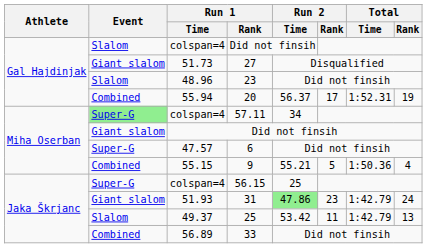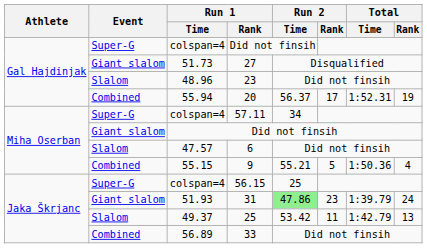 <table class="wikitable" style="font-size:90%">
 <tr>
 <th rowspan=2>Athlete</th>
 <th rowspan=2>Event</th>
 <th colspan=2>Run 1</th>
 <th colspan=2>Run 2</th>
 <th colspan=2>Total</th>
 </tr>
 <tr style="font-size:95%">
 <th>Time</th>
 <th>Rank</th>
 <th>Time</th>
 <th>Rank</th>
 <th>Time</th>
 <th>Rank</th>
 </tr>
 <tr align=center>
 <td align="left" rowspan="4"><a href='#'>Gal Hajdinjak</a></td>
-<td align="left"><a href='#'>Slalom</a></td>
+<td align="left"><a href='#'>Super-G</a></td>
 <td>colspan=4</td>
 <td colspan=2>Did not finsih</td>
 </tr>
 <tr align=center>
 <td align="left"><a href='#'>Giant slalom</a></td>
 <td>51.73</td>
 <td>27</td>
 <td colspan=4>Disqualified</td>
 </tr>
 <tr align=center>
 <td align="left"><a href='#'>Slalom</a></td>
 <td>48.96</td>
 <td>23</td>
 <td colspan=4>Did not finsih</td>
 </tr>
 <tr align=center>
 <td align="left"><a href='#'>Combined</a></td>
 <td>55.94</td>
 <td>20</td>
 <td>56.37</td>
 <td>17</td>
 <td>1:52.31</td>
 <td>19</td>
 </tr>
 <tr align=center>
 <td align="left" rowspan="4"><a href='#'>Miha Oserban</a></td>
-<td align="left" style="background: lightgreen;"><a href='#'>Super-G</a></td>
+<td align="left"><a href='#'>Super-G</a></td>
 <td>colspan=4</td>
 <td>57.11</td>
 <td>34</td>
 </tr>
 <tr align=center>
 <td align="left"><a href='#'>Giant slalom</a></td>
 <td colspan=6>Did not finsih</td>
 </tr>
 <tr align=center>
-<td align="left"><a href='#'>Super-G</a></td>
+<td align="left"><a href='#'>Slalom</a></td>
 <td>47.57</td>
 <td>6</td>
 <td colspan=4>Did not finsih</td>
 </tr>
 <tr align=center>
 <td align="left"><a href='#'>Combined</a></td>
 <td>55.15</td>
 <td>9</td>
 <td>55.21</td>
 <td>5</td>
 <td>1:50.36</td>
 <td>4</td>
 </tr>
 <tr align=center>
 <td align="left" rowspan="4"><a href='#'>Jaka Škrjanc</a></td>
 <td align="left"><a href='#'>Super-G</a></td>
 <td>colspan=4</td>
 <td>56.15</td>
 <td>25</td>
 </tr>
 <tr align=center>
 <td align="left"><a href='#'>Giant slalom</a></td>
 <td>51.93</td>
 <td>31</td>
 <td style="background: lightgreen;">47.86</td>
 <td>23</td>
-<td>1:42.79</td>
+<td>1:39.79</td>
 <td>24</td>
 </tr>
 <tr align=center>
 <td align="left"><a href='#'>Slalom</a></td>
 <td>49.37</td>
 <td>25</td>
 <td>53.42</td>
 <td>11</td>
 <td>1:42.79</td>
 <td>13</td>
 </tr>
 <tr align=center>
 <td align="left"><a href='#'>Combined</a></td>
 <td>56.89</td>
 <td>33</td>
 <td colspan=4>Did not finsih</td>
 </tr>
 </table>
